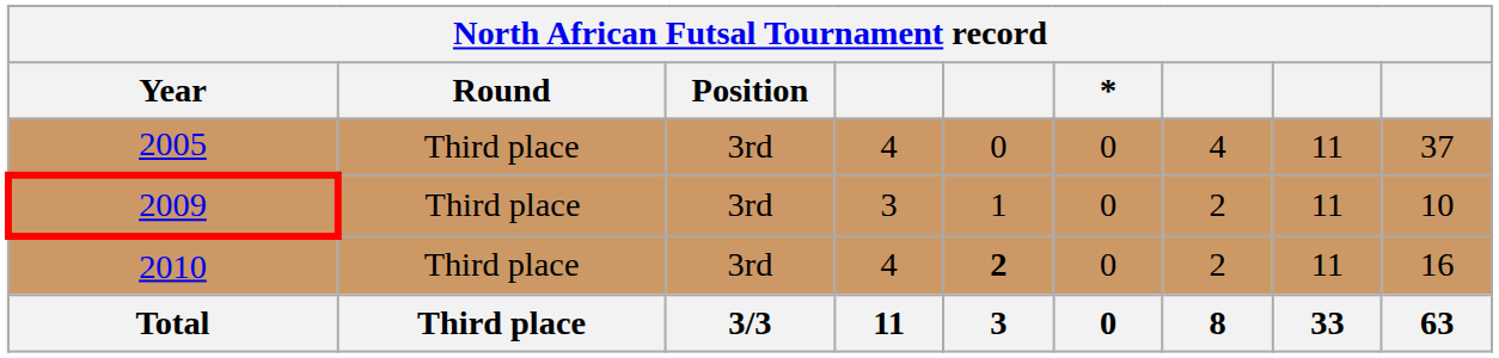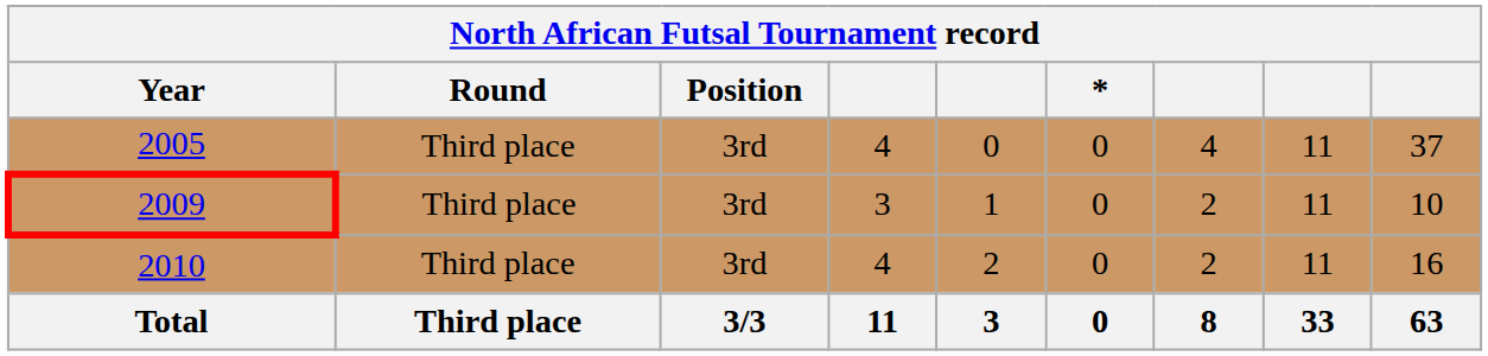 <table class="wikitable" style="font-size:90%; text-align:center;" width="50%">
 <tr>
 <th colspan="9"><a href='#'>North African Futsal Tournament</a> record</th>
 </tr>
 <tr>
 <th width="15%">Year</th>
 <th width="15%">Round</th>
 <th width="5%">Position</th>
 <th width="5%"></th>
 <th width="5%"></th>
 <th width="5%">*</th>
 <th width="5%"></th>
 <th width="5%"></th>
 <th width="5%"></th>
 </tr>
 <tr style="background:#c96;">
 <td> <a href='#'>2005</a></td>
 <td>Third place</td>
 <td>3rd</td>
 <td>4</td>
 <td>0</td>
 <td>0</td>
 <td>4</td>
 <td>11</td>
 <td>37</td>
 </tr>
 <tr style="background:#c96;">
 <td style="border: 3px solid red"> <a href='#'>2009</a></td>
 <td>Third place</td>
 <td>3rd</td>
 <td>3</td>
 <td>1</td>
 <td>0</td>
 <td>2</td>
 <td>11</td>
 <td>10</td>
 </tr>
 <tr style="background:#c96;">
 <td> <a href='#'>2010</a></td>
 <td>Third place</td>
 <td>3rd</td>
 <td>4</td>
-<td><strong>2</strong></td>
+<td>2</td>
 <td>0</td>
 <td>2</td>
 <td>11</td>
 <td>16</td>
 </tr>
 <tr>
 <th>Total</th>
 <th>Third place</th>
 <th>3/3</th>
 <th>11</th>
 <th>3</th>
 <th>0</th>
 <th>8</th>
 <th>33</th>
 <th>63</th>
 </tr>
 </table>
